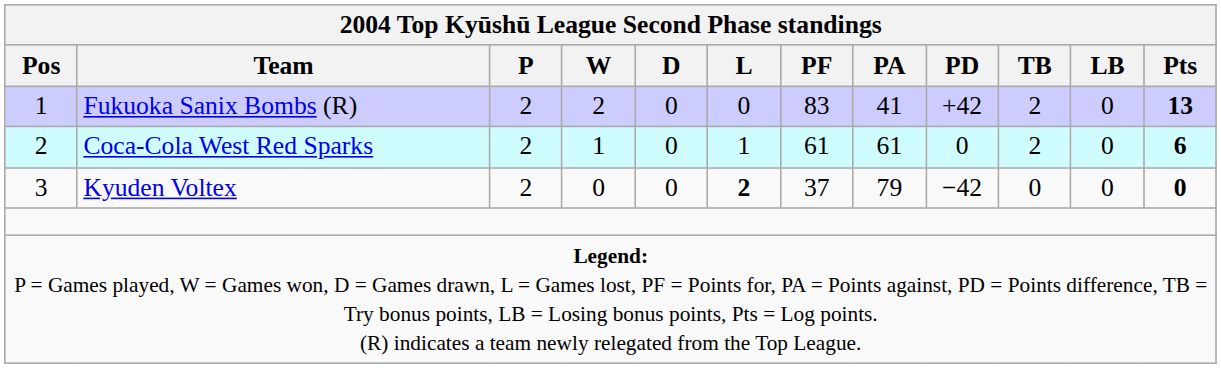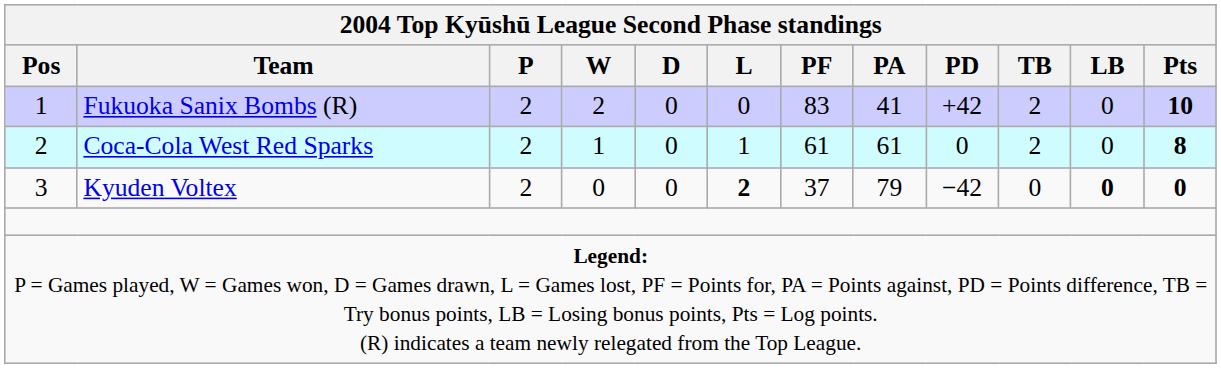 <table class="wikitable" style="text-align:center; font-size:100%; width:60%;">
 <tr>
 <th colspan="100%" cellpadding="0" cellspacing="0"><strong>2004 Top Kyūshū League Second Phase standings</strong></th>
 </tr>
 <tr>
 <th style="width:6%;">Pos</th>
 <th style="width:34%;">Team</th>
 <th style="width:6%;">P</th>
 <th style="width:6%;">W</th>
 <th style="width:6%;">D</th>
 <th style="width:6%;">L</th>
 <th style="width:6%;">PF</th>
 <th style="width:6%;">PA</th>
 <th style="width:6%;">PD</th>
 <th style="width:6%;">TB</th>
 <th style="width:6%;">LB</th>
 <th style="width:6%;">Pts<br></th>
 </tr>
 <tr style="background:#CCCCFF;">
 <td>1</td>
 <td style="text-align:left;"><a href='#'>Fukuoka Sanix Bombs</a> (R)</td>
 <td>2</td>
 <td>2</td>
 <td>0</td>
 <td>0</td>
 <td>83</td>
 <td>41</td>
 <td>+42</td>
 <td>2</td>
 <td>0</td>
-<td><strong>13</strong></td>
+<td><strong>10</strong></td>
 </tr>
 <tr style="background:#CFFCFF;">
 <td>2</td>
 <td style="text-align:left;"><a href='#'>Coca-Cola West Red Sparks</a></td>
 <td>2</td>
 <td>1</td>
 <td>0</td>
 <td>1</td>
 <td>61</td>
 <td>61</td>
 <td>0</td>
 <td>2</td>
 <td>0</td>
-<td><strong>6</strong></td>
+<td><strong>8</strong></td>
 </tr>
 <tr>
 <td>3</td>
 <td style="text-align:left;"><a href='#'>Kyuden Voltex</a></td>
 <td>2</td>
 <td>0</td>
 <td>0</td>
 <td><strong>2</strong></td>
 <td>37</td>
 <td>79</td>
 <td>−42</td>
 <td>0</td>
-<td>0</td>
+<td><strong>0</strong></td>
 <td><strong>0</strong></td>
 </tr>
 <tr>
 <td colspan="100%" style="height:10px;"></td>
 </tr>
 <tr>
 <td colspan="100%"><small><strong>Legend:</strong> <br> P = Games played, W = Games won, D = Games drawn, L = Games lost, PF = Points for, PA = Points against, PD = Points difference, TB = Try bonus points, LB = Losing bonus points, Pts = Log points. <br> (R) indicates a team newly relegated from the Top League.</small></td>
 </tr>
 </table>
